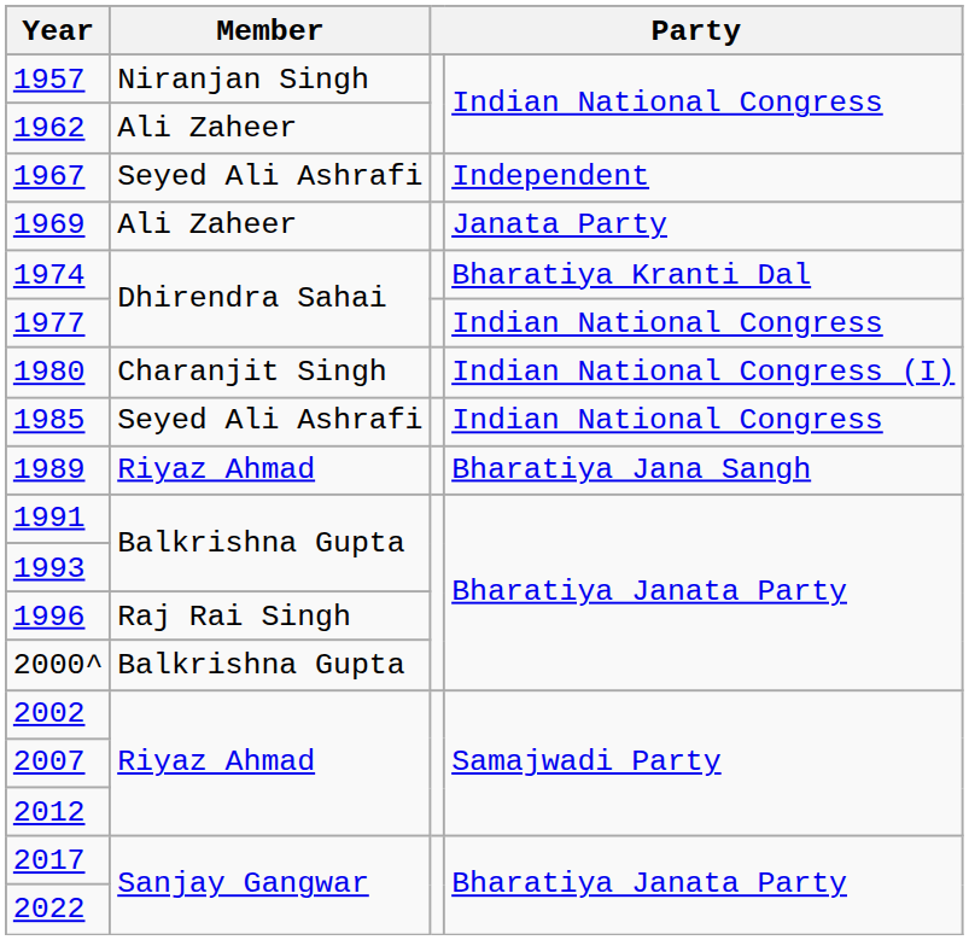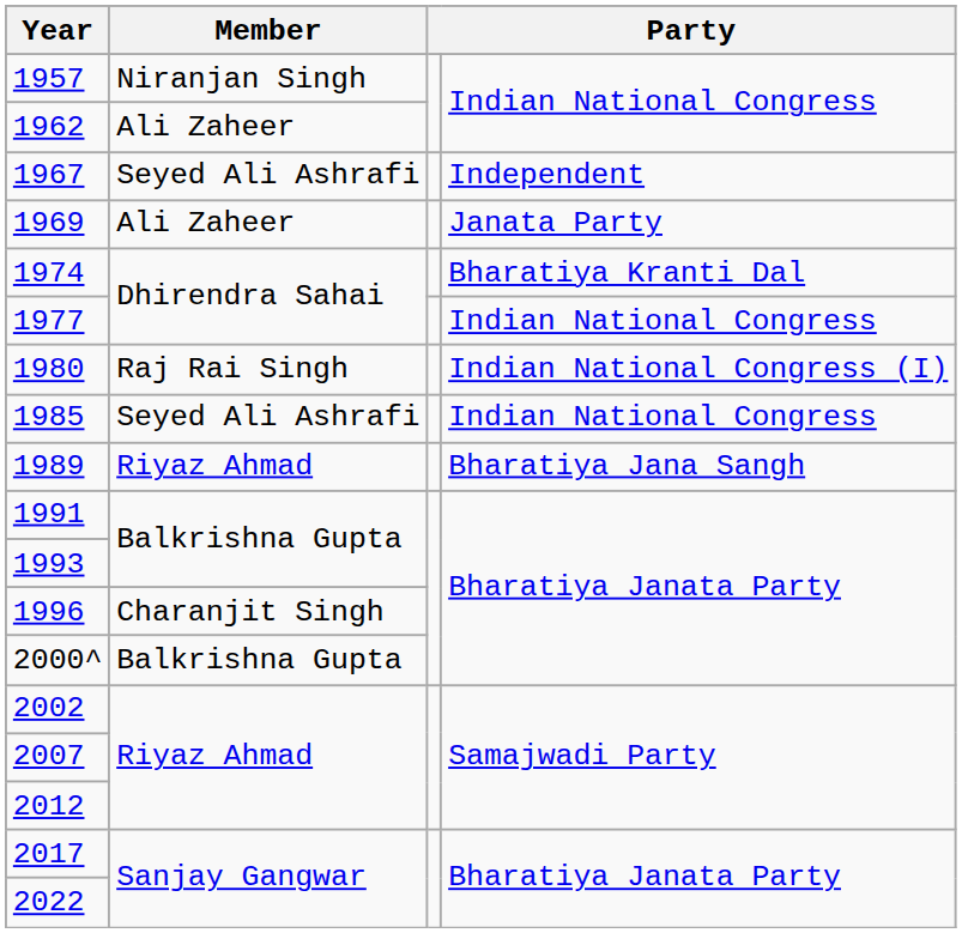 <table class="wikitable">
 <tr>
 <th>Year</th>
 <th>Member</th>
 <th colspan="2">Party</th>
 </tr>
 <tr>
 <td><a href='#'>1957</a></td>
 <td>Niranjan Singh</td>
 <td rowspan="2" style="background-color: "></td>
 <td rowspan="2"><a href='#'>Indian National Congress</a></td>
 </tr>
 <tr>
 <td><a href='#'>1962</a></td>
 <td>Ali Zaheer</td>
 </tr>
 <tr>
 <td><a href='#'>1967</a></td>
 <td>Seyed Ali  Ashrafi</td>
 <td style="background-color: "></td>
 <td><a href='#'>Independent</a></td>
 </tr>
 <tr>
 <td><a href='#'>1969</a></td>
 <td>Ali Zaheer</td>
 <td style="background-color: "></td>
 <td><a href='#'>Janata Party</a></td>
 </tr>
 <tr>
 <td><a href='#'>1974</a></td>
 <td rowspan="2">Dhirendra Sahai</td>
 <td style="background-color: "></td>
 <td><a href='#'>Bharatiya Kranti Dal</a></td>
 </tr>
 <tr>
 <td><a href='#'>1977</a></td>
 <td style="background-color: "></td>
 <td><a href='#'>Indian National Congress</a></td>
 </tr>
 <tr>
 <td><a href='#'>1980</a></td>
-<td>Charanjit Singh</td>
+<td>Raj Rai Singh</td>
 <td style="background-color: "></td>
 <td><a href='#'>Indian National Congress (I)</a></td>
 </tr>
 <tr>
 <td><a href='#'>1985</a></td>
 <td>Seyed Ali  Ashrafi</td>
 <td style="background-color: "></td>
 <td><a href='#'>Indian National Congress</a></td>
 </tr>
 <tr>
 <td><a href='#'>1989</a></td>
 <td><a href='#'>Riyaz Ahmad</a></td>
 <td style="background-color: "></td>
 <td><a href='#'>Bharatiya Jana Sangh</a></td>
 </tr>
 <tr>
 <td><a href='#'>1991</a></td>
 <td rowspan="2">Balkrishna Gupta</td>
 <td rowspan="4" style="background-color: "></td>
 <td rowspan="4"><a href='#'>Bharatiya Janata Party</a></td>
 </tr>
 <tr>
 <td><a href='#'>1993</a></td>
 </tr>
 <tr>
 <td><a href='#'>1996</a></td>
-<td>Raj Rai Singh</td>
+<td>Charanjit Singh</td>
 </tr>
 <tr>
 <td>2000^</td>
 <td>Balkrishna Gupta</td>
 </tr>
 <tr>
 <td><a href='#'>2002</a></td>
 <td rowspan="3"><a href='#'>Riyaz Ahmad</a></td>
 <td rowspan="3" style="background-color: "></td>
 <td rowspan="3"><a href='#'>Samajwadi Party</a></td>
 </tr>
 <tr>
 <td><a href='#'>2007</a></td>
 </tr>
 <tr>
 <td><a href='#'>2012</a></td>
 </tr>
 <tr>
 <td><a href='#'>2017</a></td>
 <td rowspan="2"><a href='#'>Sanjay Gangwar</a></td>
 <td rowspan="2" style="background-color: "></td>
 <td rowspan="2"><a href='#'>Bharatiya Janata Party</a></td>
 </tr>
 <tr>
 <td><a href='#'>2022</a></td>
 </tr>
 </table>
